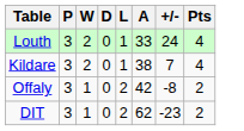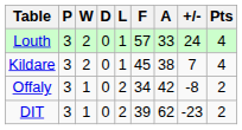 <table class="wikitable">
 <tr>
 <th>Table</th>
 <th>P</th>
 <th>W</th>
 <th>D</th>
 <th>L</th>
+<th>F</th>
 <th>A</th>
 <th>+/-</th>
 <th>Pts</th>
 </tr>
 <tr style="text-align:Center; background:#cfc;">
 <td> <a href='#'>Louth</a></td>
 <td>3</td>
 <td>2</td>
 <td>0</td>
 <td>1</td>
+<td>57</td>
 <td>33</td>
 <td>24</td>
 <td>4</td>
 </tr>
 <tr style="text-align:Center;">
 <td> <a href='#'>Kildare</a></td>
 <td>3</td>
 <td>2</td>
 <td>0</td>
 <td>1</td>
+<td>45</td>
 <td>38</td>
 <td>7</td>
 <td>4</td>
 </tr>
 <tr style="text-align:Center;">
 <td> <a href='#'>Offaly</a></td>
 <td>3</td>
 <td>1</td>
 <td>0</td>
 <td>2</td>
+<td>34</td>
 <td>42</td>
 <td>-8</td>
 <td>2</td>
 </tr>
 <tr style="text-align:Center;">
 <td> <a href='#'>DIT</a></td>
 <td>3</td>
 <td>1</td>
 <td>0</td>
 <td>2</td>
+<td>39</td>
 <td>62</td>
 <td>-23</td>
 <td>2</td>
 </tr>
 </table>
